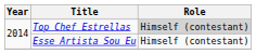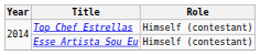 <table class=wikitable>
 <tr>
 <th>Year</th>
 <th>Title</th>
 <th>Role</th>
 </tr>
 <tr>
 <td rowspan=2>2014</td>
 <td><em><a href='#'>Top Chef Estrellas</a></em></td>
-<td style="background: lightgrey;">Himself (contestant)</td>
+<td>Himself (contestant)</td>
 </tr>
 <tr>
 <td><em><a href='#'>Esse Artista Sou Eu</a></em></td>
 <td>Himself (contestant)</td>
 </tr>
 <tr>
 </tr>
 </table>
